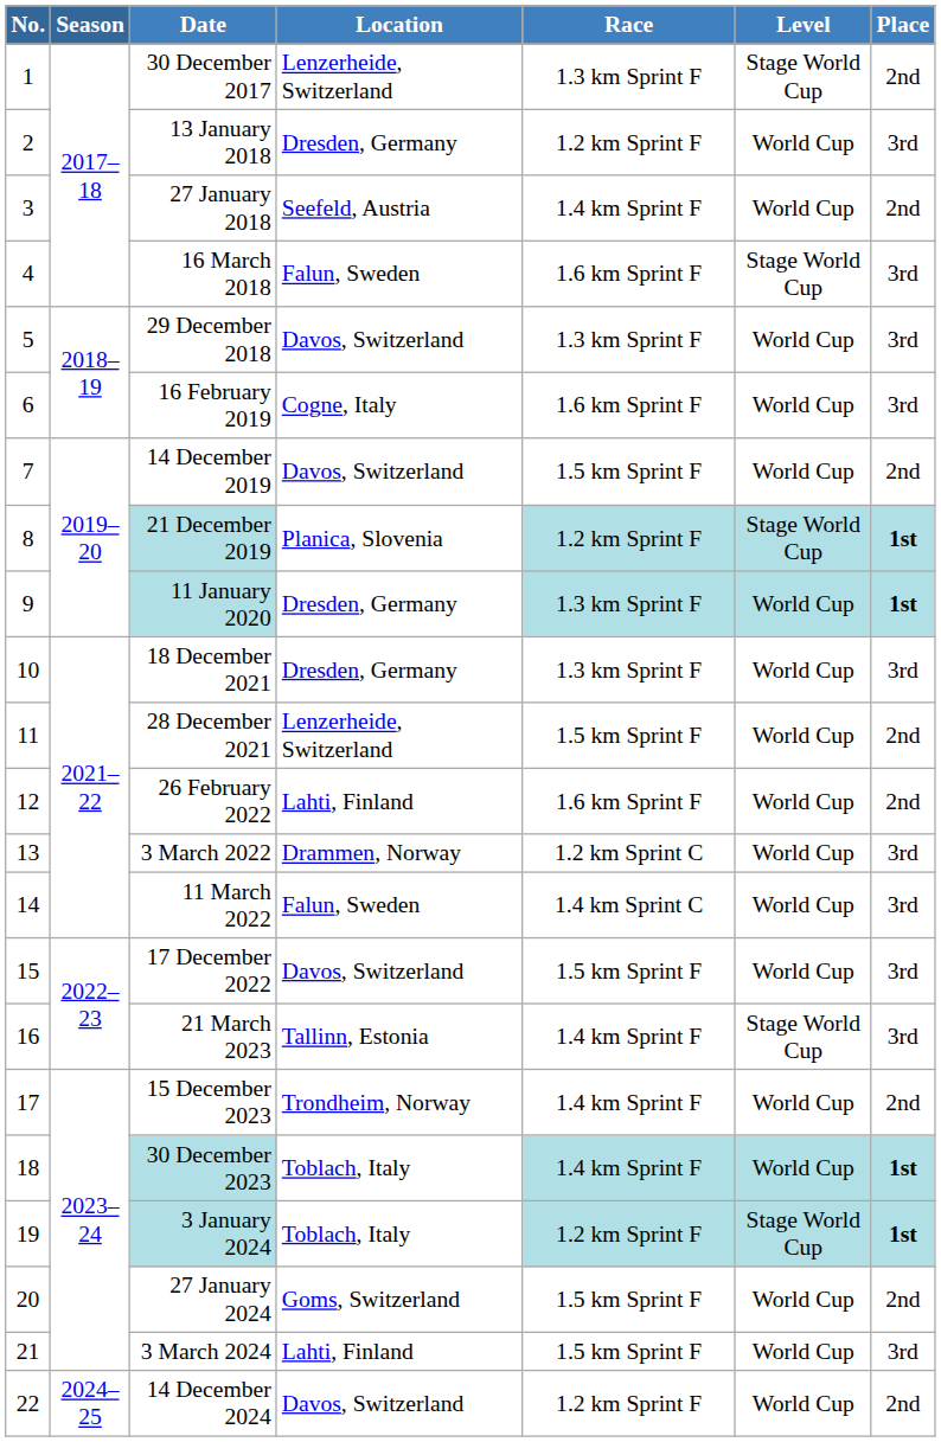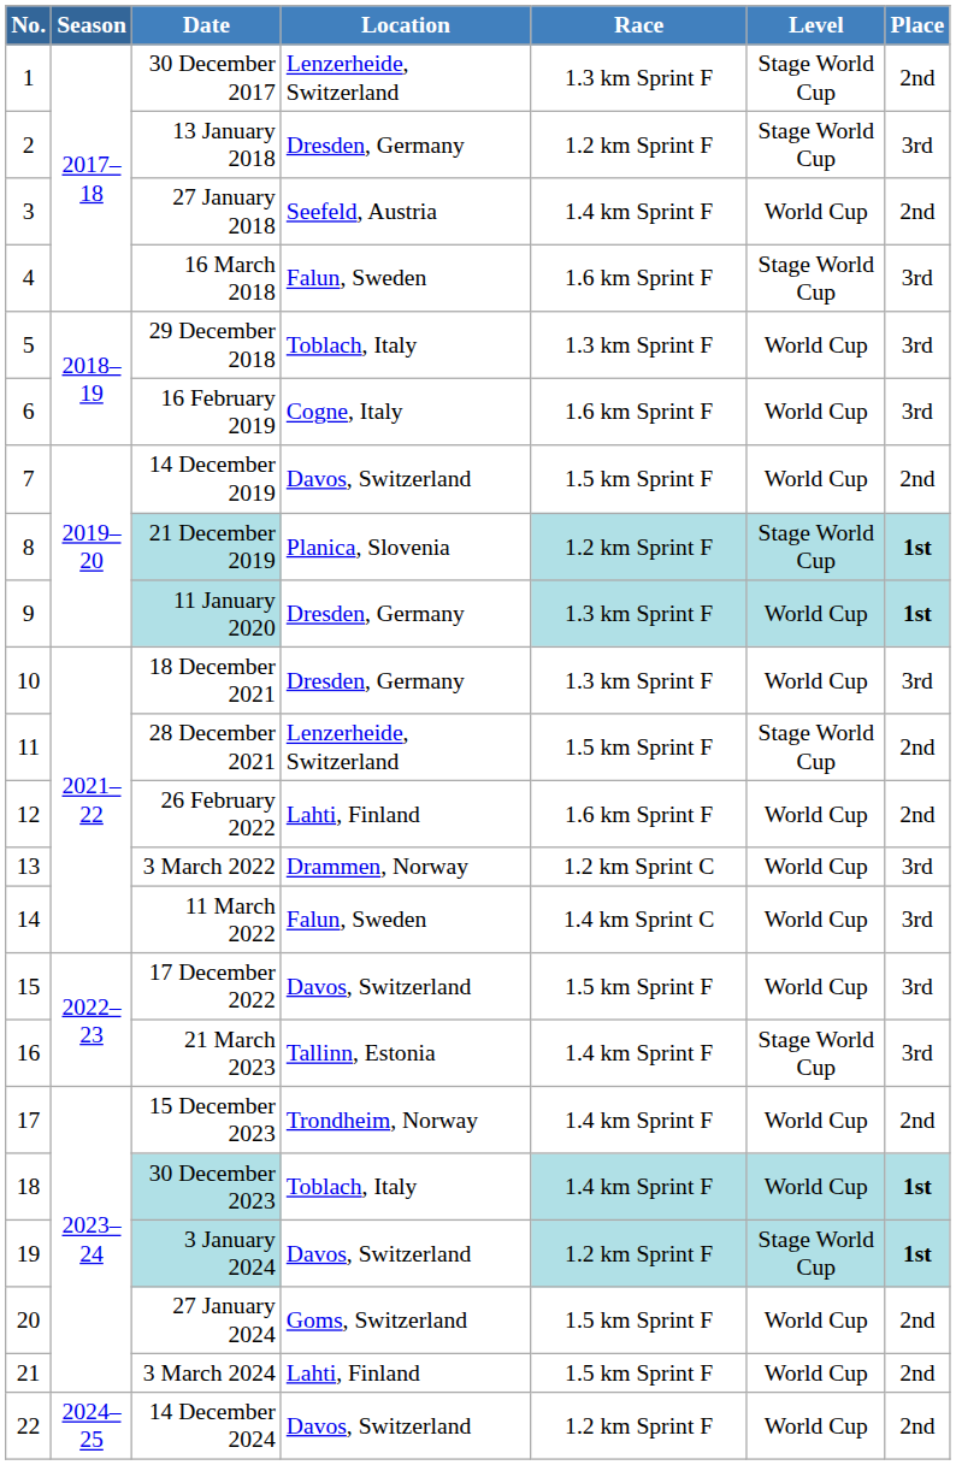 <table class="wikitable sortable" style="font-size:95%; text-align:center; border:grey solid 1px; border-collapse:collapse; background:#ffffff;">
 <tr style="background:#efefef;">
 <th style="background-color:#369; color:white;">No.</th>
 <th style="background-color:#369; color:white;">Season</th>
 <th style="background-color:#4180be; color:white; width:100px;">Date</th>
 <th style="background-color:#4180be; color:white; width:185px;">Location</th>
 <th style="background-color:#4180be; color:white; width:170px;">Race</th>
 <th style="background-color:#4180be; color:white; width:100px;">Level</th>
 <th style="background-color:#4180be; color:white;">Place</th>
 </tr>
 <tr>
 <td align=center>1</td>
 <td rowspan=4><a href='#'>2017–18</a></td>
 <td align= right>30 December 2017</td>
 <td align=left> <a href='#'>Lenzerheide</a>, Switzerland</td>
 <td>1.3 km Sprint F</td>
 <td>Stage World Cup</td>
 <td>2nd</td>
 </tr>
 <tr>
 <td align=center>2</td>
 <td align= right>13 January 2018</td>
 <td align=left> <a href='#'>Dresden</a>, Germany</td>
 <td>1.2 km Sprint F</td>
-<td>World Cup</td>
+<td>Stage World Cup</td>
 <td>3rd</td>
 </tr>
 <tr>
 <td align=center>3</td>
 <td align= right>27 January 2018</td>
 <td align=left> <a href='#'>Seefeld</a>, Austria</td>
 <td>1.4 km Sprint F</td>
 <td>World Cup</td>
 <td>2nd</td>
 </tr>
 <tr>
 <td align=center>4</td>
 <td align= right>16 March 2018</td>
 <td align=left> <a href='#'>Falun</a>, Sweden</td>
 <td>1.6 km Sprint F</td>
 <td>Stage World Cup</td>
 <td>3rd</td>
 </tr>
 <tr>
 <td align=center>5</td>
 <td rowspan="2" align="center"><a href='#'>2018–19</a></td>
 <td align=right>29 December 2018</td>
-<td align=left> <a href='#'>Davos</a>, Switzerland</td>
+<td align=left> <a href='#'>Toblach</a>, Italy</td>
 <td>1.3 km Sprint F</td>
 <td>World Cup</td>
 <td>3rd</td>
 </tr>
 <tr>
 <td align=center>6</td>
 <td align=right>16 February 2019</td>
 <td align=left> <a href='#'>Cogne</a>, Italy</td>
 <td>1.6 km Sprint F</td>
 <td>World Cup</td>
 <td>3rd</td>
 </tr>
 <tr>
 <td align=center>7</td>
 <td rowspan="3" align="center"><a href='#'>2019–20</a></td>
 <td align=right>14 December 2019</td>
 <td align=left> <a href='#'>Davos</a>, Switzerland</td>
 <td>1.5 km Sprint F</td>
 <td>World Cup</td>
 <td>2nd</td>
 </tr>
 <tr>
 <td align=center>8</td>
 <td bgcolor="#BOEOE6" align=right>21 December 2019</td>
 <td align=left> <a href='#'>Planica</a>, Slovenia</td>
 <td bgcolor="#BOEOE6">1.2 km Sprint F</td>
 <td bgcolor="#BOEOE6">Stage World Cup</td>
 <td bgcolor="#BOEOE6"><strong>1st</strong></td>
 </tr>
 <tr>
 <td align=center>9</td>
 <td bgcolor="#BOEOE6" align=right>11 January 2020</td>
 <td align=left> <a href='#'>Dresden</a>, Germany</td>
 <td bgcolor="#BOEOE6">1.3 km Sprint F</td>
 <td bgcolor="#BOEOE6">World Cup</td>
 <td bgcolor="#BOEOE6"><strong>1st</strong></td>
 </tr>
 <tr>
 <td align=center>10</td>
 <td rowspan="5" align="center"><a href='#'>2021–22</a></td>
 <td align=right>18 December 2021</td>
 <td align=left> <a href='#'>Dresden</a>, Germany</td>
 <td>1.3 km Sprint F</td>
 <td>World Cup</td>
 <td>3rd</td>
 </tr>
 <tr>
 <td align=center>11</td>
 <td align=right>28 December 2021</td>
 <td align=left> <a href='#'>Lenzerheide</a>, Switzerland</td>
 <td>1.5 km Sprint F</td>
-<td>World Cup</td>
+<td>Stage World Cup</td>
 <td>2nd</td>
 </tr>
 <tr>
 <td align=center>12</td>
 <td align=right>26 February 2022</td>
 <td align=left> <a href='#'>Lahti</a>, Finland</td>
 <td>1.6 km Sprint F</td>
 <td>World Cup</td>
 <td>2nd</td>
 </tr>
 <tr>
 <td align=center>13</td>
 <td align=right>3 March 2022</td>
 <td align=left> <a href='#'>Drammen</a>, Norway</td>
 <td>1.2 km Sprint C</td>
 <td>World Cup</td>
 <td>3rd</td>
 </tr>
 <tr>
 <td align=center>14</td>
 <td align=right>11 March 2022</td>
 <td align=left> <a href='#'>Falun</a>, Sweden</td>
 <td>1.4 km Sprint C</td>
 <td>World Cup</td>
 <td>3rd</td>
 </tr>
 <tr>
 <td align=center>15</td>
 <td rowspan="2" align="center"><a href='#'>2022–23</a></td>
 <td align=right>17 December 2022</td>
 <td align=left> <a href='#'>Davos</a>, Switzerland</td>
 <td>1.5 km Sprint F</td>
 <td>World Cup</td>
 <td>3rd</td>
 </tr>
 <tr>
 <td align=center>16</td>
 <td align=right>21 March 2023</td>
 <td align=left> <a href='#'>Tallinn</a>, Estonia</td>
 <td>1.4 km Sprint F</td>
 <td>Stage World Cup</td>
 <td>3rd</td>
 </tr>
 <tr>
 <td align=center>17</td>
 <td rowspan="5" align="center"><a href='#'>2023–24</a></td>
 <td align=right>15 December 2023</td>
 <td align=left> <a href='#'>Trondheim</a>, Norway</td>
 <td>1.4 km Sprint F</td>
 <td>World Cup</td>
 <td>2nd</td>
 </tr>
 <tr>
 <td align=center>18</td>
 <td bgcolor="#BOEOE6" align=right>30 December 2023</td>
 <td align=left> <a href='#'>Toblach</a>, Italy</td>
 <td bgcolor="#BOEOE6">1.4 km Sprint F</td>
 <td bgcolor="#BOEOE6">World Cup</td>
 <td bgcolor="#BOEOE6"><strong>1st</strong></td>
 </tr>
 <tr>
 <td align=center>19</td>
 <td bgcolor="#BOEOE6" align=right>3 January 2024</td>
-<td align=left> <a href='#'>Toblach</a>, Italy</td>
+<td align=left> <a href='#'>Davos</a>, Switzerland</td>
 <td bgcolor="#BOEOE6">1.2 km Sprint F</td>
 <td bgcolor="#BOEOE6">Stage World Cup</td>
 <td bgcolor="#BOEOE6"><strong>1st</strong></td>
 </tr>
 <tr>
 <td align=center>20</td>
 <td align=right>27 January 2024</td>
 <td align=left> <a href='#'>Goms</a>, Switzerland</td>
 <td>1.5 km Sprint F</td>
 <td>World Cup</td>
 <td>2nd</td>
 </tr>
 <tr>
 <td align=center>21</td>
 <td align=right>3 March 2024</td>
 <td align=left> <a href='#'>Lahti</a>, Finland</td>
 <td>1.5 km Sprint F</td>
 <td>World Cup</td>
-<td>3rd</td>
+<td>2nd</td>
 </tr>
 <tr>
 <td align=center>22</td>
 <td rowspan="1" align="center"><a href='#'>2024–25</a></td>
 <td align=right>14 December 2024</td>
 <td align=left> <a href='#'>Davos</a>, Switzerland</td>
 <td>1.2 km Sprint F</td>
 <td>World Cup</td>
 <td>2nd</td>
 </tr>
 </table>
